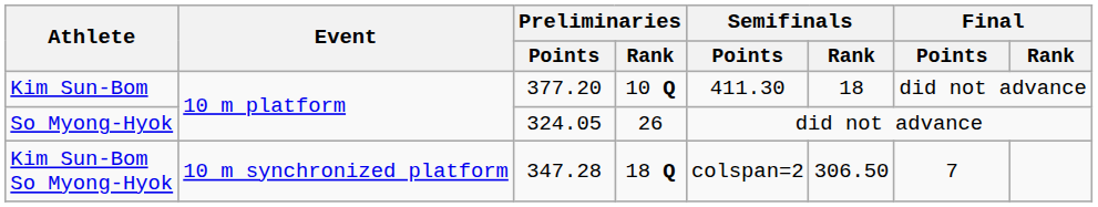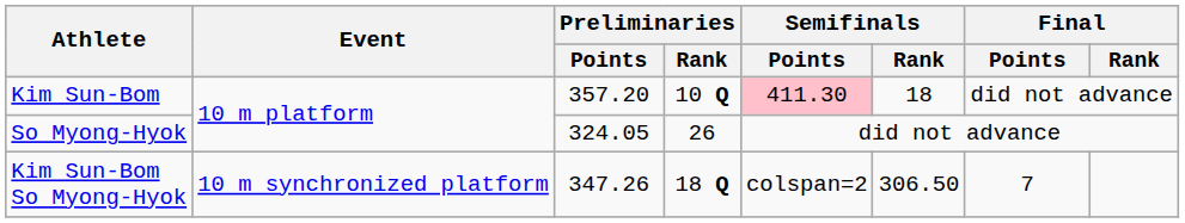 <table class=wikitable style="font-size:90%;">
 <tr>
 <th rowspan="2">Athlete</th>
 <th rowspan="2">Event</th>
 <th colspan="2">Preliminaries</th>
 <th colspan="2">Semifinals</th>
 <th colspan="2">Final</th>
 </tr>
 <tr style="font-size:95%">
 <th>Points</th>
 <th>Rank</th>
 <th>Points</th>
 <th>Rank</th>
 <th>Points</th>
 <th>Rank</th>
 </tr>
 <tr align=center>
 <td align=left><a href='#'>Kim Sun-Bom</a></td>
 <td align=left rowspan=2><a href='#'>10 m platform</a></td>
-<td>377.20</td>
+<td>357.20</td>
 <td>10 <strong>Q</strong></td>
-<td>411.30</td>
+<td style="background: pink;">411.30</td>
 <td>18</td>
 <td colspan=2>did not advance</td>
 </tr>
 <tr align=center>
 <td align=left><a href='#'>So Myong-Hyok</a></td>
 <td>324.05</td>
 <td>26</td>
 <td colspan=4>did not advance</td>
 </tr>
 <tr align=center>
 <td align=left><a href='#'>Kim Sun-Bom</a><br><a href='#'>So Myong-Hyok</a></td>
 <td align=left><a href='#'>10 m synchronized platform</a></td>
-<td>347.28</td>
+<td>347.26</td>
 <td>18 <strong>Q</strong></td>
 <td>colspan=2 </td>
 <td>306.50</td>
 <td>7</td>
 </tr>
 </table>
